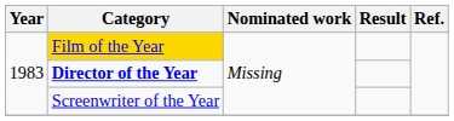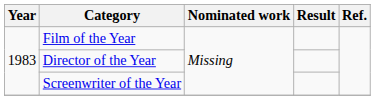 <table class="wikitable sortable">
 <tr>
 <th>Year</th>
 <th>Category</th>
 <th>Nominated work</th>
 <th>Result</th>
 <th>Ref.</th>
 </tr>
 <tr>
 <td rowspan="3">1983</td>
-<td style="background: gold;"><a href='#'>Film of the Year</a></td>
+<td><a href='#'>Film of the Year</a></td>
 <td rowspan="3"><em>Missing</em></td>
 <td></td>
 <td rowspan="3"></td>
 </tr>
 <tr>
-<td><strong><a href='#'>Director of the Year</a></strong></td>
+<td><a href='#'>Director of the Year</a></td>
 <td></td>
 </tr>
 <tr>
 <td><a href='#'>Screenwriter of the Year</a></td>
 <td></td>
 </tr>
 <tr>
 </tr>
 </table>
